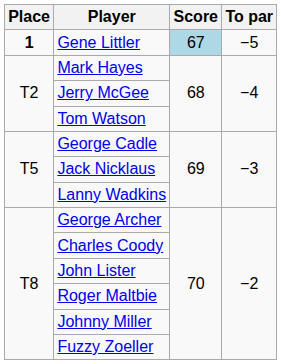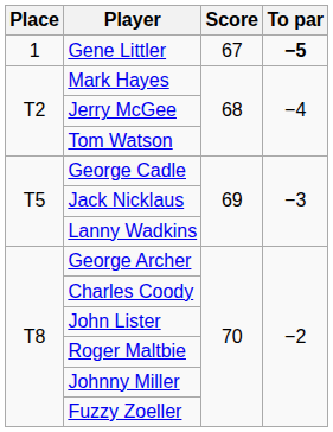 <table class=wikitable>
 <tr>
 <th>Place</th>
 <th>Player</th>
 <th>Score</th>
 <th>To par</th>
 </tr>
 <tr>
-<td align=center><strong>1</strong></td>
+<td align=center>1</td>
 <td> <a href='#'>Gene Littler</a></td>
-<td align=center style="background: lightblue;">67</td>
-<td align=center>−5</td>
+<td align=center>67</td>
+<td align=center><strong>−5</strong></td>
 </tr>
 <tr>
 <td rowspan=3 align=center>T2</td>
 <td> <a href='#'>Mark Hayes</a></td>
 <td rowspan=3 align=center>68</td>
 <td rowspan=3 align=center>−4</td>
 </tr>
 <tr>
 <td> <a href='#'>Jerry McGee</a></td>
 </tr>
 <tr>
 <td> <a href='#'>Tom Watson</a></td>
 </tr>
 <tr>
 <td rowspan=3 align=center>T5</td>
 <td> <a href='#'>George Cadle</a></td>
 <td rowspan=3 align=center>69</td>
 <td rowspan=3 align=center>−3</td>
 </tr>
 <tr>
 <td> <a href='#'>Jack Nicklaus</a></td>
 </tr>
 <tr>
 <td> <a href='#'>Lanny Wadkins</a></td>
 </tr>
 <tr>
 <td rowspan=6 align=center>T8</td>
 <td> <a href='#'>George Archer</a></td>
 <td rowspan=6 align=center>70</td>
 <td rowspan=6 align=center>−2</td>
 </tr>
 <tr>
 <td> <a href='#'>Charles Coody</a></td>
 </tr>
 <tr>
 <td> <a href='#'>John Lister</a></td>
 </tr>
 <tr>
 <td> <a href='#'>Roger Maltbie</a></td>
 </tr>
 <tr>
 <td> <a href='#'>Johnny Miller</a></td>
 </tr>
 <tr>
 <td> <a href='#'>Fuzzy Zoeller</a></td>
 </tr>
 </table>
